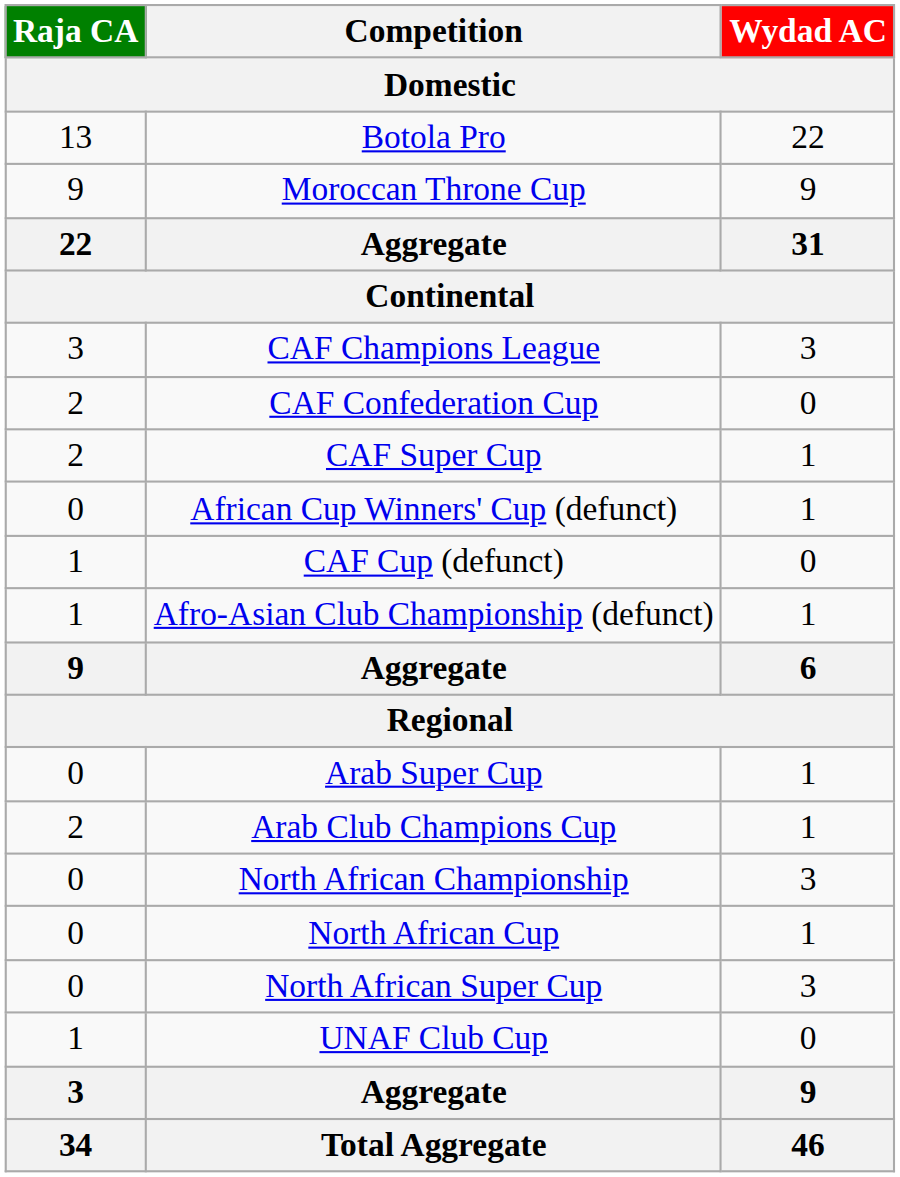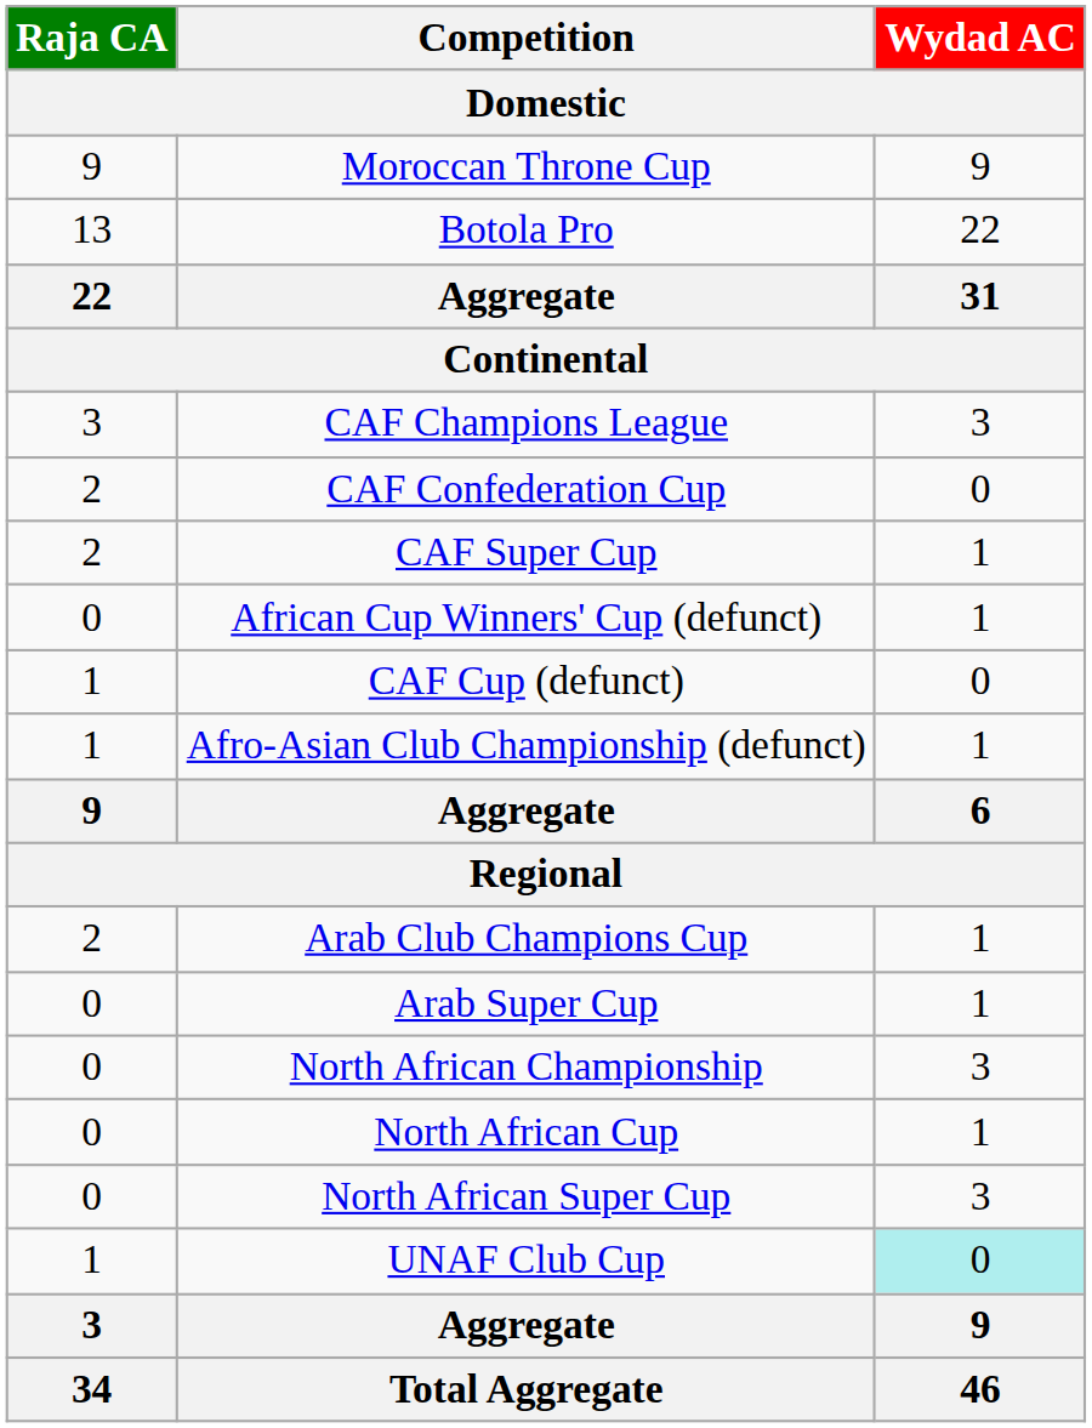 <table class="wikitable sortable"  style="width:auto; margin:auto;">
 <tr>
 <th ! style="color:#ffffff; background-color:#008000;">Raja CA</th>
 <th>Competition</th>
 <th ! style="color:#ffffff; background-color:#ff0000;">Wydad AC</th>
 </tr>
 <tr style="text-align:center;">
 <th colspan="3">Domestic</th>
 </tr>
 <tr style="text-align:center;">
+<td>9</td>
+<td><a href='#'>Moroccan Throne Cup</a></td>
+<td>9</td>
+</tr>
+<tr style="text-align:center;">
 <td>13</td>
 <td><a href='#'>Botola Pro</a></td>
 <td>22</td>
-</tr>
-<tr style="text-align:center;">
-<td>9</td>
-<td><a href='#'>Moroccan Throne Cup</a></td>
-<td>9</td>
 </tr>
 <tr align="center">
 <th><strong>22</strong></th>
 <th><strong>Aggregate</strong></th>
 <th>31</th>
 </tr>
 <tr style="text-align:center;">
 <th colspan="3"><strong>Continental</strong></th>
 </tr>
 <tr style="text-align:center;">
 <td>3</td>
 <td><a href='#'>CAF Champions League</a></td>
 <td>3</td>
 </tr>
 <tr style="text-align:center;">
 <td>2</td>
 <td><a href='#'>CAF Confederation Cup</a></td>
 <td>0</td>
 </tr>
 <tr style="text-align:center;">
 <td>2</td>
 <td><a href='#'>CAF Super Cup</a></td>
 <td>1</td>
 </tr>
 <tr style="text-align:center;">
 <td>0</td>
 <td><a href='#'>African Cup Winners' Cup</a> (defunct)</td>
 <td>1</td>
 </tr>
 <tr style="text-align:center;">
 <td>1</td>
 <td><a href='#'>CAF Cup</a> (defunct)</td>
 <td>0</td>
 </tr>
 <tr style="text-align:center;">
 <td>1</td>
 <td><a href='#'>Afro-Asian Club Championship</a> (defunct)</td>
 <td>1</td>
 </tr>
 <tr align="center">
 <th><strong>9</strong></th>
 <th><strong>Aggregate</strong></th>
 <th><strong>6</strong></th>
 </tr>
 <tr style="text-align:center;">
 <th colspan="3"><strong>Regional</strong></th>
 </tr>
 <tr style="text-align:center;">
-<td>0</td>
-<td><a href='#'>Arab Super Cup</a></td>
+<td>2</td>
+<td><a href='#'>Arab Club Champions Cup</a></td>
 <td>1</td>
 </tr>
 <tr style="text-align:center;">
-<td>2</td>
-<td><a href='#'>Arab Club Champions Cup</a></td>
+<td>0</td>
+<td><a href='#'>Arab Super Cup</a></td>
 <td>1</td>
 </tr>
 <tr style="text-align:center;">
 <td>0</td>
 <td><a href='#'>North African Championship</a></td>
 <td>3</td>
 </tr>
 <tr style="text-align:center;">
 <td>0</td>
 <td><a href='#'>North African Cup</a></td>
 <td>1</td>
 </tr>
 <tr style="text-align:center">
 <td>0</td>
 <td><a href='#'>North African Super Cup</a></td>
 <td>3</td>
 </tr>
 <tr style="text-align:center;">
 <td>1</td>
 <td><a href='#'>UNAF Club Cup</a></td>
-<td>0</td>
+<td style="background: paleturquoise;">0</td>
 </tr>
 <tr align="center">
 <th><strong>3</strong></th>
 <th><strong>Aggregate</strong></th>
 <th>9</th>
 </tr>
 <tr align="center">
 <th><strong>34</strong></th>
 <th><strong>Total Aggregate</strong></th>
 <th>46</th>
 </tr>
 </table>
